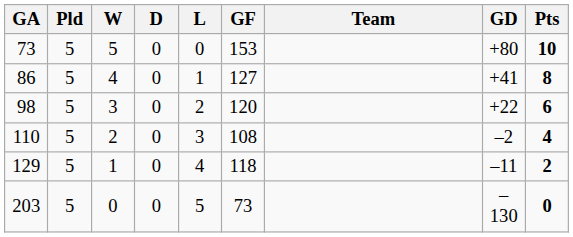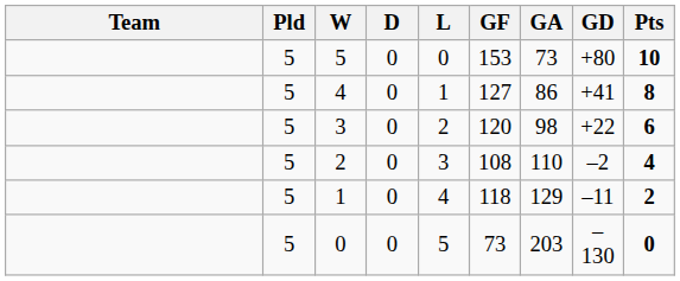 <table class="wikitable" style="text-align: center;">
 <tr>
-<th width="30">GA</th>
+<th width="180">Team</th>
 <th width="30">Pld</th>
 <th width="30">W</th>
 <th width="30">D</th>
 <th width="30">L</th>
 <th width="30">GF</th>
-<th width="180">Team</th>
+<th width="30">GA</th>
 <th width="30">GD</th>
 <th width="30">Pts</th>
 </tr>
 <tr>
-<td>73</td>
+<td align="left"></td>
 <td>5</td>
 <td>5</td>
 <td>0</td>
 <td>0</td>
 <td>153</td>
-<td align="left"></td>
+<td>73</td>
 <td>+80</td>
 <td><strong>10</strong></td>
 </tr>
 <tr>
-<td>86</td>
+<td align="left"></td>
 <td>5</td>
 <td>4</td>
 <td>0</td>
 <td>1</td>
 <td>127</td>
-<td align="left"></td>
+<td>86</td>
 <td>+41</td>
 <td><strong>8</strong></td>
 </tr>
 <tr>
-<td>98</td>
+<td align="left"></td>
 <td>5</td>
 <td>3</td>
 <td>0</td>
 <td>2</td>
 <td>120</td>
-<td align="left"></td>
+<td>98</td>
 <td>+22</td>
 <td><strong>6</strong></td>
 </tr>
 <tr>
-<td>110</td>
+<td align="left"></td>
 <td>5</td>
 <td>2</td>
 <td>0</td>
 <td>3</td>
 <td>108</td>
-<td align="left"></td>
+<td>110</td>
 <td>–2</td>
 <td><strong>4</strong></td>
 </tr>
 <tr>
-<td>129</td>
+<td align="left"></td>
 <td>5</td>
 <td>1</td>
 <td>0</td>
 <td>4</td>
 <td>118</td>
-<td align="left"></td>
+<td>129</td>
 <td>–11</td>
 <td><strong>2</strong></td>
 </tr>
 <tr>
-<td>203</td>
+<td align="left"></td>
 <td>5</td>
 <td>0</td>
 <td>0</td>
 <td>5</td>
 <td>73</td>
-<td align="left"></td>
+<td>203</td>
 <td>–130</td>
 <td><strong>0</strong></td>
 </tr>
 </table>
